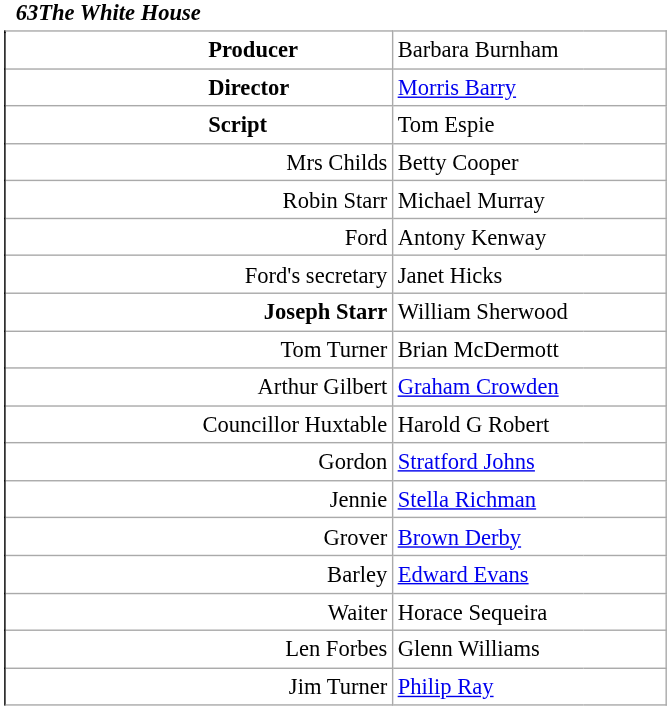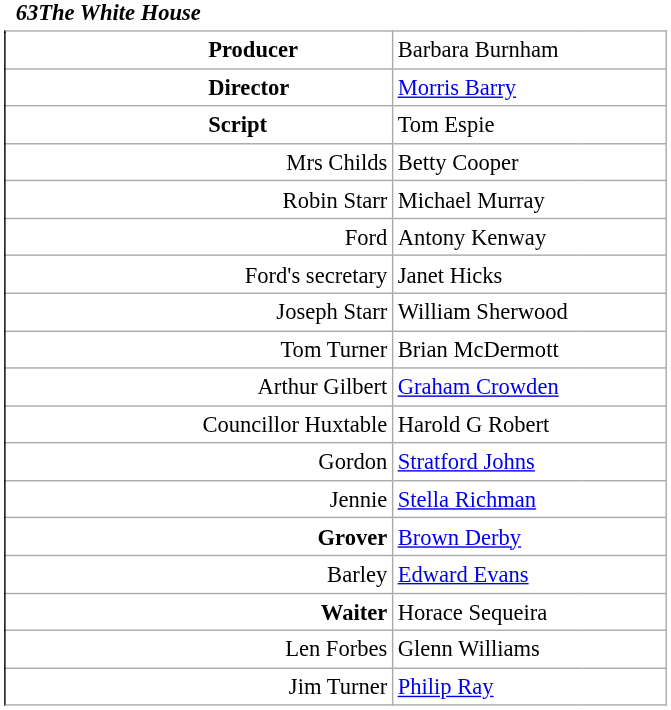 <table class="wikitable mw-collapsible mw-collapsed" style="vertical-align:top;margin:auto 2em;line-height:1.2;min-width:33em;display: inline-table;background-color:inherit;border:none;">
 <tr>
 <td class=unsortable style="border:hidden;line-height:1.67;text-align:center;margin-left:-1em;padding-left:0.5em;min-width:1.0em;"></td>
 <td class=unsortable style="border:none;padding-left:0.5em;text-align:left;min-width:16.5em;font-weight:700;font-style:italic;">63The White House</td>
 <td class=unsortable style="border:none;text-align:right;font-weight:normal;font-family:Courier;font-size:95%;letter-spacing:-1pt;min-width:8.5em;padding-right:0.2em;"></td>
 <td class=unsortable style="border:hidden;min-width:3.5em;padding-left:0;"></td>
 <td class=unsortable style="border:hidden;min-width:3.5em;font-size:95%;"></td>
 </tr>
 <tr>
 <td rowspan=100 style="border:none thin;border-right-style :solid;"></td>
 </tr>
 <tr>
 <td style="text-align:left;padding-left:9.0em;font-weight:bold;">Producer</td>
 <td colspan=2>Barbara Burnham</td>
 </tr>
 <tr>
 <td style="text-align:left;padding-left:9.0em;font-weight:bold;">Director</td>
 <td colspan=2><a href='#'>Morris Barry</a></td>
 </tr>
 <tr>
 <td style="text-align:left;padding-left:9.0em;font-weight:bold;">Script</td>
 <td colspan=2>Tom Espie</td>
 </tr>
 <tr>
 <td style="text-align:right;">Mrs Childs</td>
 <td colspan=2>Betty Cooper</td>
 </tr>
 <tr>
 <td style="text-align:right;">Robin Starr</td>
 <td colspan=2>Michael Murray</td>
 </tr>
 <tr>
 <td style="text-align:right;">Ford</td>
 <td colspan=2>Antony Kenway</td>
 </tr>
 <tr>
 <td style="text-align:right;">Ford's secretary</td>
 <td colspan=2>Janet Hicks</td>
 </tr>
 <tr>
-<td style="text-align:right;"><strong>Joseph Starr</strong></td>
+<td style="text-align:right;">Joseph Starr</td>
 <td colspan=2>William Sherwood</td>
 </tr>
 <tr>
 <td style="text-align:right;">Tom Turner</td>
 <td colspan=2>Brian McDermott</td>
 </tr>
 <tr>
 <td style="text-align:right;">Arthur Gilbert</td>
 <td colspan=2><a href='#'>Graham Crowden</a></td>
 </tr>
 <tr>
 <td style="text-align:right;">Councillor Huxtable</td>
 <td colspan=2>Harold G Robert</td>
 </tr>
 <tr>
 <td style="text-align:right;">Gordon</td>
 <td colspan=2><a href='#'>Stratford Johns</a></td>
 </tr>
 <tr>
 <td style="text-align:right;">Jennie</td>
 <td colspan=2><a href='#'>Stella Richman</a></td>
 </tr>
 <tr>
-<td style="text-align:right;">Grover</td>
+<td style="text-align:right;"><strong>Grover</strong></td>
 <td colspan=2><a href='#'>Brown Derby</a></td>
 </tr>
 <tr>
 <td style="text-align:right;">Barley</td>
 <td colspan=2><a href='#'>Edward Evans</a></td>
 </tr>
 <tr>
-<td style="text-align:right;">Waiter</td>
+<td style="text-align:right;"><strong>Waiter</strong></td>
 <td colspan=2>Horace Sequeira</td>
 </tr>
 <tr>
 <td style="text-align:right;">Len Forbes</td>
 <td colspan=2>Glenn Williams</td>
 </tr>
 <tr>
 <td style="text-align:right;">Jim Turner</td>
 <td colspan=2><a href='#'>Philip Ray</a></td>
 </tr>
 </table>
